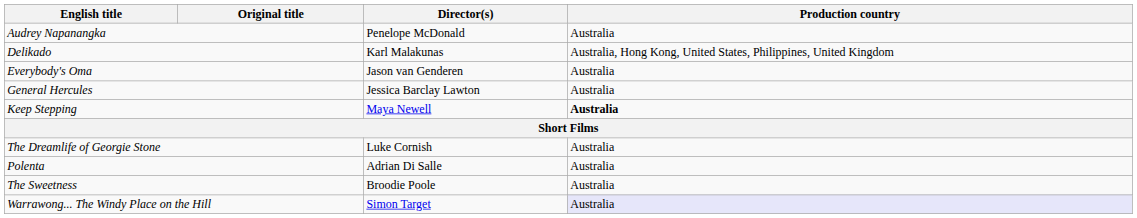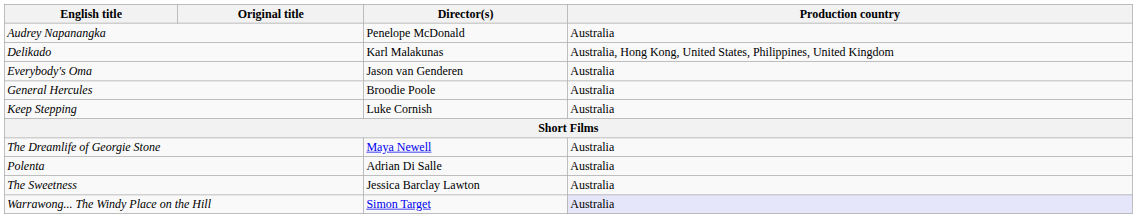 <table class="wikitable" style="width:95%; margin-bottom:2px">
 <tr>
 <th>English title</th>
 <th>Original title</th>
 <th>Director(s)</th>
 <th>Production country</th>
 </tr>
 <tr>
 <td colspan="2"><em>Audrey Napanangka</em></td>
 <td>Penelope McDonald</td>
 <td>Australia</td>
 </tr>
 <tr>
 <td colspan="2"><em>Delikado</em></td>
 <td>Karl Malakunas</td>
 <td>Australia, Hong Kong, United States, Philippines, United Kingdom</td>
 </tr>
 <tr>
 <td colspan="2"><em>Everybody's Oma</em></td>
 <td>Jason van Genderen</td>
 <td>Australia</td>
 </tr>
 <tr>
 <td colspan="2"><em>General Hercules</em></td>
-<td>Jessica Barclay Lawton</td>
+<td>Broodie Poole</td>
 <td>Australia</td>
 </tr>
 <tr>
 <td colspan="2"><em>Keep Stepping</em></td>
-<td><a href='#'>Maya Newell</a></td>
-<td><strong>Australia</strong></td>
+<td>Luke Cornish</td>
+<td>Australia</td>
 </tr>
 <tr>
 <th colspan="4">Short Films</th>
 </tr>
 <tr>
 <td colspan="2"><em>The Dreamlife of Georgie Stone</em></td>
-<td>Luke Cornish</td>
+<td><a href='#'>Maya Newell</a></td>
 <td>Australia</td>
 </tr>
 <tr>
 <td colspan="2"><em>Polenta</em></td>
 <td>Adrian Di Salle</td>
 <td>Australia</td>
 </tr>
 <tr>
 <td colspan="2"><em>The Sweetness</em></td>
-<td>Broodie Poole</td>
+<td>Jessica Barclay Lawton</td>
 <td>Australia</td>
 </tr>
 <tr>
 <td colspan="2"><em>Warrawong... The Windy Place on the Hill</em></td>
 <td><a href='#'>Simon Target</a></td>
 <td style="background: lavender;">Australia</td>
 </tr>
 </table>
